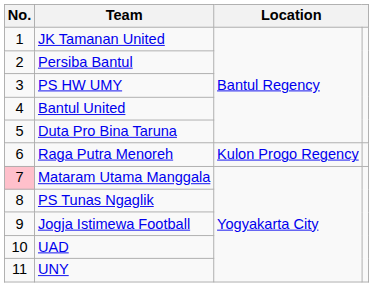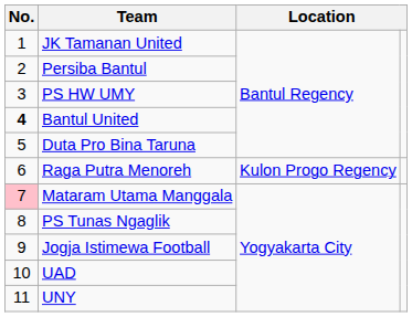 <table class="wikitable sortable">
 <tr>
 <th>No.</th>
 <th>Team</th>
 <th colspan=2>Location</th>
 </tr>
 <tr>
 <td align=center>1</td>
 <td><a href='#'>JK Tamanan United</a></td>
 <td rowspan=5><a href='#'>Bantul Regency</a></td>
 <td rowspan=5></td>
 </tr>
 <tr>
 <td align=center>2</td>
 <td><a href='#'>Persiba Bantul</a></td>
 </tr>
 <tr>
 <td align=center>3</td>
 <td><a href='#'>PS HW UMY</a></td>
 </tr>
 <tr>
-<td align=center>4</td>
+<td align=center><strong>4</strong></td>
 <td><a href='#'>Bantul United</a></td>
 </tr>
 <tr>
 <td align=center>5</td>
 <td><a href='#'>Duta Pro Bina Taruna</a></td>
 </tr>
 <tr>
 <td align=center>6</td>
 <td><a href='#'>Raga Putra Menoreh</a></td>
 <td><a href='#'>Kulon Progo Regency</a></td>
 <td></td>
 </tr>
 <tr>
 <td align=center style="background: pink;">7</td>
 <td><a href='#'>Mataram Utama Manggala</a></td>
 <td rowspan=5><a href='#'>Yogyakarta City</a></td>
 <td rowspan=5></td>
 </tr>
 <tr>
 <td align=center>8</td>
 <td><a href='#'>PS Tunas Ngaglik</a></td>
 </tr>
 <tr>
 <td align=center>9</td>
 <td><a href='#'>Jogja Istimewa Football</a></td>
 </tr>
 <tr>
 <td align=center>10</td>
 <td><a href='#'>UAD</a></td>
 </tr>
 <tr>
 <td align=center>11</td>
 <td><a href='#'>UNY</a></td>
 </tr>
 </table>
